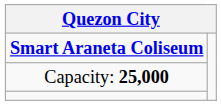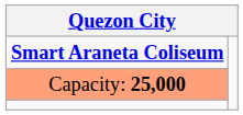 <table class="wikitable" style="text-align:center;margin: 1em auto;">
 <tr>
 <th colspan=2><a href='#'>Quezon City</a></th>
 </tr>
 <tr>
 <td><strong><a href='#'>Smart Araneta Coliseum</a></strong></td>
 <td rowspan=3></td>
 </tr>
 <tr>
-<td>Capacity: <strong>25,000</strong></td>
+<td style="background: lightsalmon;">Capacity: <strong>25,000</strong></td>
 </tr>
 <tr>
 <td></td>
 </tr>
 </table>
